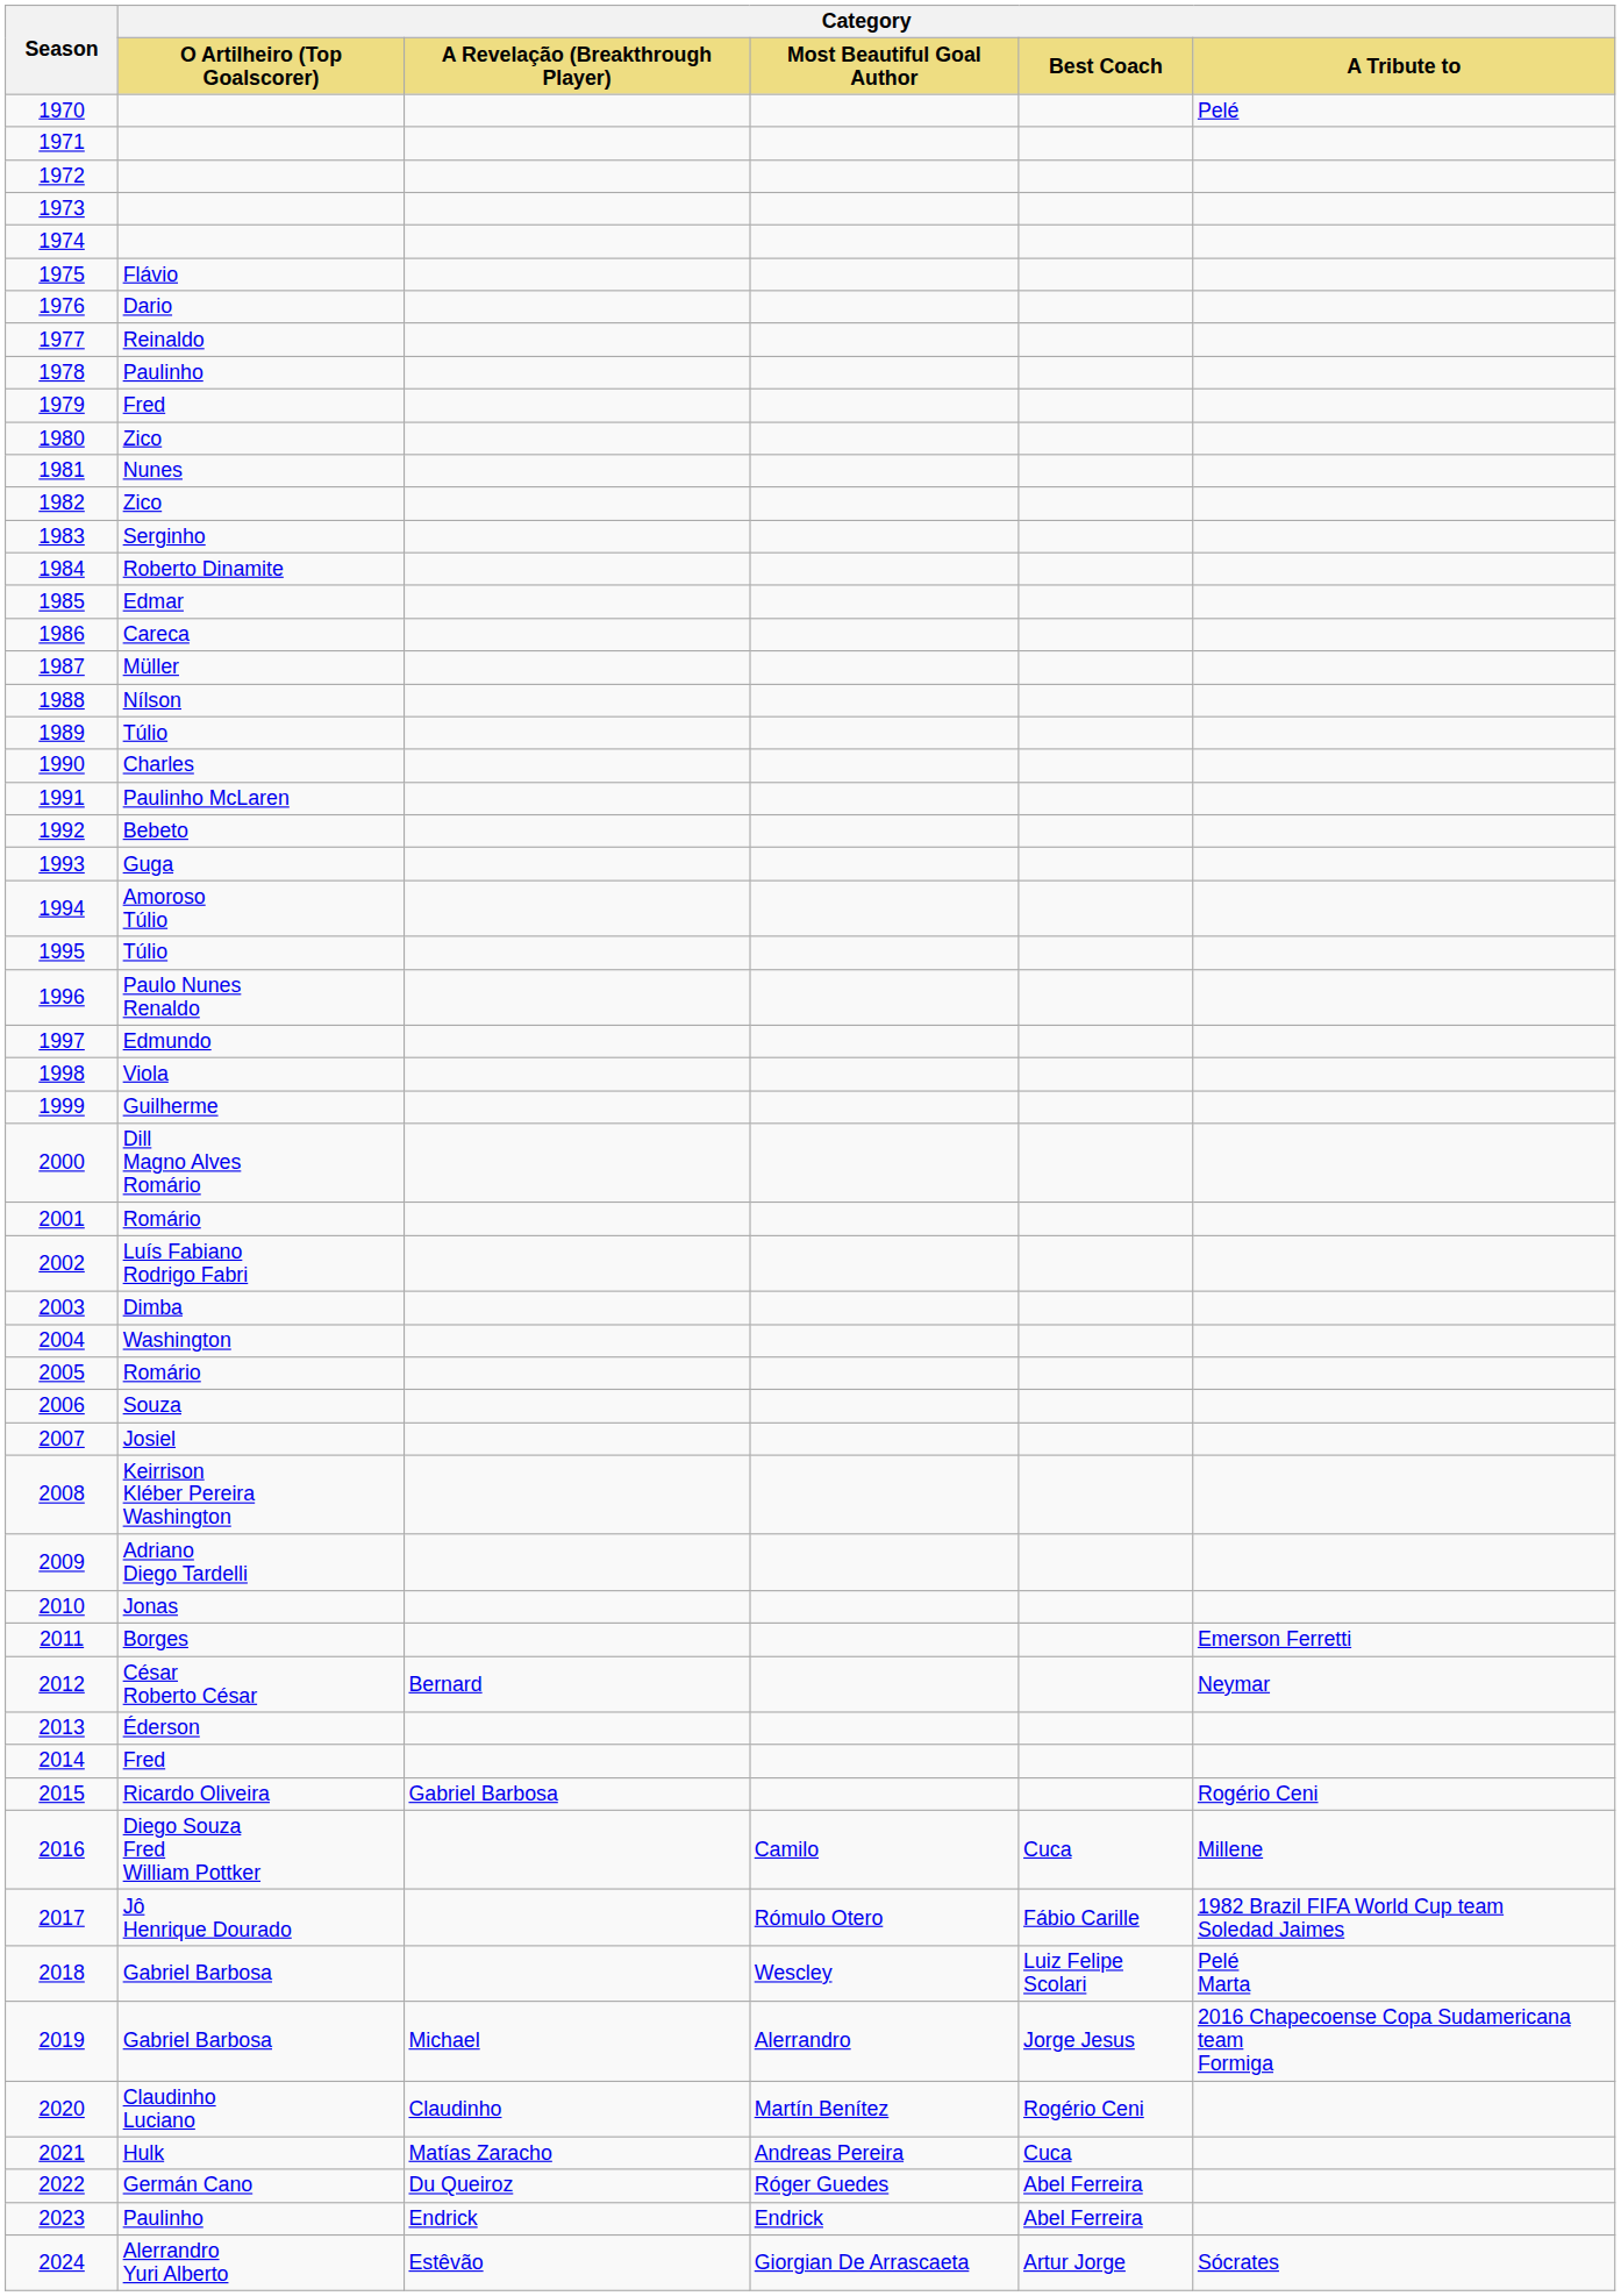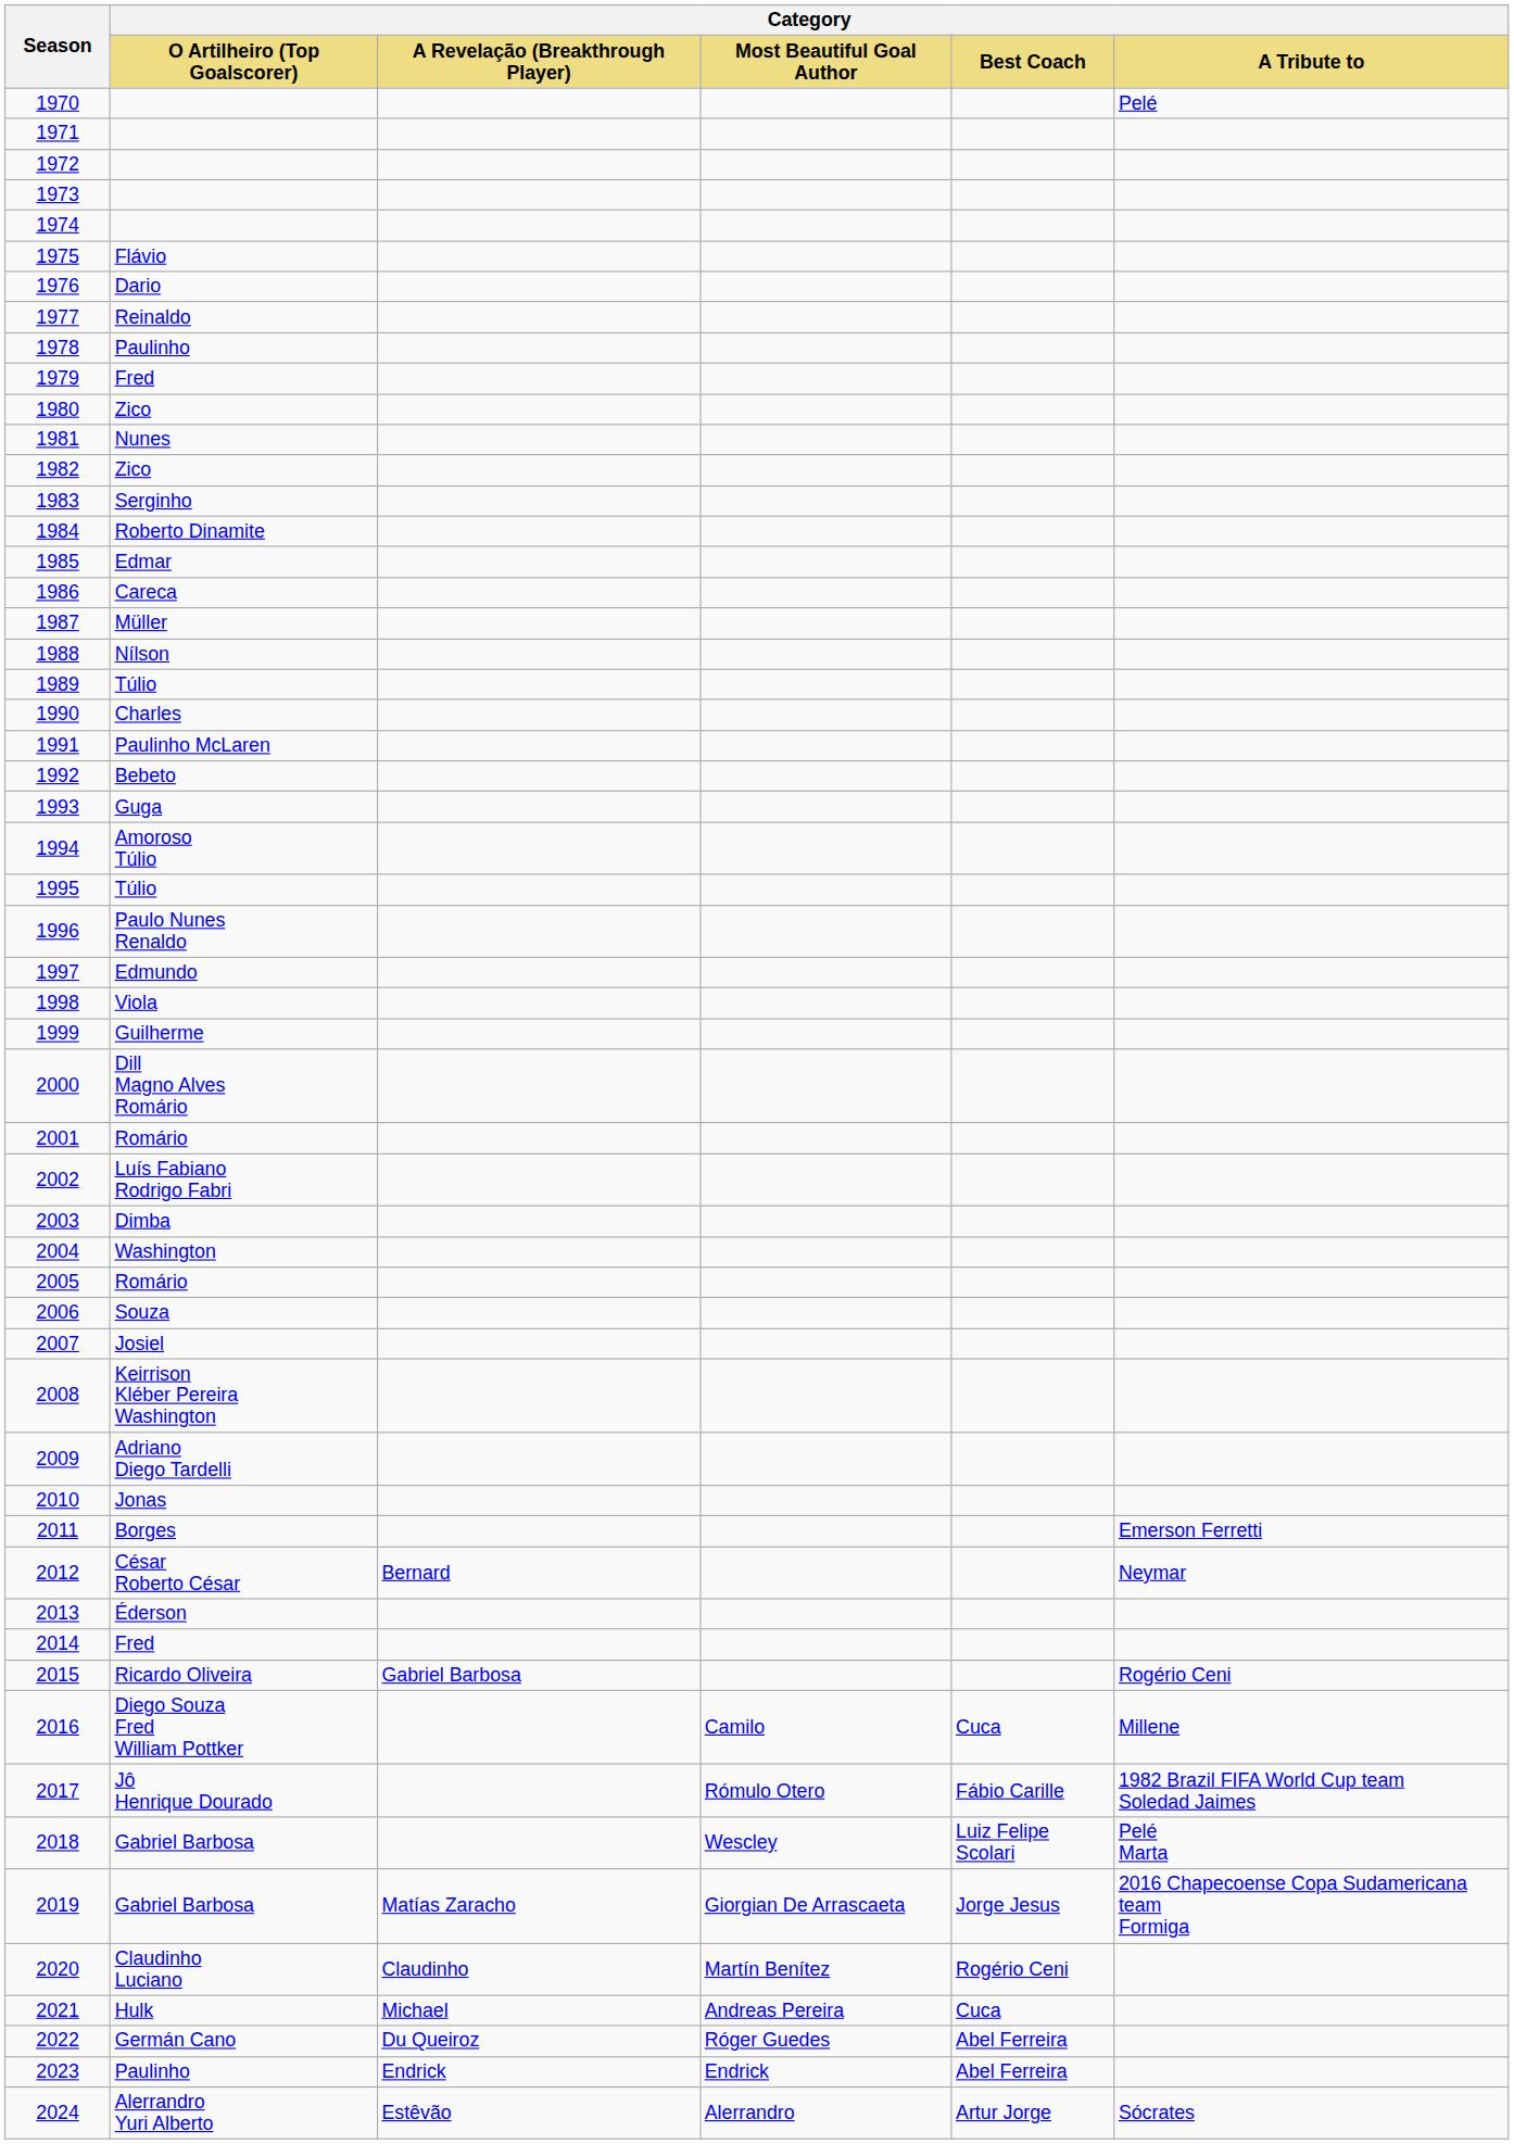 <table class="wikitable">
 <tr>
 <th width="80" rowspan="2">Season</th>
 <th colspan="6">Category</th>
 </tr>
 <tr>
 <th style="background-color: #eedd82">O Artilheiro (Top Goalscorer)</th>
 <th style="background-color: #eedd82">A Revelação (Breakthrough Player)</th>
 <th style="background-color: #eedd82">Most Beautiful Goal Author</th>
 <th style="background-color: #eedd82">Best Coach</th>
 <th style="background-color: #eedd82">A Tribute to</th>
 </tr>
 <tr>
 <td align="center"><a href='#'>1970</a></td>
 <td></td>
 <td></td>
 <td></td>
 <td></td>
 <td> <a href='#'>Pelé</a> </td>
 </tr>
 <tr>
 <td align="center"><a href='#'>1971</a></td>
 <td></td>
 <td></td>
 <td></td>
 <td></td>
 <td></td>
 </tr>
 <tr>
 <td align="center"><a href='#'>1972</a></td>
 <td></td>
 <td></td>
 <td></td>
 <td></td>
 <td></td>
 </tr>
 <tr>
 <td align="center"><a href='#'>1973</a></td>
 <td></td>
 <td></td>
 <td></td>
 <td></td>
 <td></td>
 </tr>
 <tr>
 <td align="center"><a href='#'>1974</a></td>
 <td></td>
 <td></td>
 <td></td>
 <td></td>
 <td></td>
 </tr>
 <tr>
 <td align="center"><a href='#'>1975</a></td>
 <td> <a href='#'>Flávio</a> </td>
 <td></td>
 <td></td>
 <td></td>
 <td></td>
 </tr>
 <tr>
 <td align="center"><a href='#'>1976</a></td>
 <td> <a href='#'>Dario</a> </td>
 <td></td>
 <td></td>
 <td></td>
 <td></td>
 </tr>
 <tr>
 <td align="center"><a href='#'>1977</a></td>
 <td> <a href='#'>Reinaldo</a> </td>
 <td></td>
 <td></td>
 <td></td>
 <td></td>
 </tr>
 <tr>
 <td align="center"><a href='#'>1978</a></td>
 <td> <a href='#'>Paulinho</a> </td>
 <td></td>
 <td></td>
 <td></td>
 <td></td>
 </tr>
 <tr>
 <td align="center"><a href='#'>1979</a></td>
 <td> <a href='#'>Fred</a> </td>
 <td></td>
 <td></td>
 <td></td>
 <td></td>
 </tr>
 <tr>
 <td align="center"><a href='#'>1980</a></td>
 <td> <a href='#'>Zico</a> </td>
 <td></td>
 <td></td>
 <td></td>
 <td></td>
 </tr>
 <tr>
 <td align="center"><a href='#'>1981</a></td>
 <td> <a href='#'>Nunes</a> </td>
 <td></td>
 <td></td>
 <td></td>
 <td></td>
 </tr>
 <tr>
 <td align="center"><a href='#'>1982</a></td>
 <td> <a href='#'>Zico</a> </td>
 <td></td>
 <td></td>
 <td></td>
 <td></td>
 </tr>
 <tr>
 <td align="center"><a href='#'>1983</a></td>
 <td> <a href='#'>Serginho</a> </td>
 <td></td>
 <td></td>
 <td></td>
 <td></td>
 </tr>
 <tr>
 <td align="center"><a href='#'>1984</a></td>
 <td> <a href='#'>Roberto Dinamite</a> </td>
 <td></td>
 <td></td>
 <td></td>
 <td></td>
 </tr>
 <tr>
 <td align="center"><a href='#'>1985</a></td>
 <td> <a href='#'>Edmar</a> </td>
 <td></td>
 <td></td>
 <td></td>
 <td></td>
 </tr>
 <tr>
 <td align="center"><a href='#'>1986</a></td>
 <td> <a href='#'>Careca</a> </td>
 <td></td>
 <td></td>
 <td></td>
 <td></td>
 </tr>
 <tr>
 <td align="center"><a href='#'>1987</a></td>
 <td> <a href='#'>Müller</a> </td>
 <td></td>
 <td></td>
 <td></td>
 <td></td>
 </tr>
 <tr>
 <td align="center"><a href='#'>1988</a></td>
 <td> <a href='#'>Nílson</a> </td>
 <td></td>
 <td></td>
 <td></td>
 <td></td>
 </tr>
 <tr>
 <td align="center"><a href='#'>1989</a></td>
 <td> <a href='#'>Túlio</a> </td>
 <td></td>
 <td></td>
 <td></td>
 <td></td>
 </tr>
 <tr>
 <td align="center"><a href='#'>1990</a></td>
 <td> <a href='#'>Charles</a> </td>
 <td></td>
 <td></td>
 <td></td>
 <td></td>
 </tr>
 <tr>
 <td align="center"><a href='#'>1991</a></td>
 <td> <a href='#'>Paulinho McLaren</a> </td>
 <td></td>
 <td></td>
 <td></td>
 <td></td>
 </tr>
 <tr>
 <td align="center"><a href='#'>1992</a></td>
 <td> <a href='#'>Bebeto</a> </td>
 <td></td>
 <td></td>
 <td></td>
 <td></td>
 </tr>
 <tr>
 <td align="center"><a href='#'>1993</a></td>
 <td> <a href='#'>Guga</a> </td>
 <td></td>
 <td></td>
 <td></td>
 <td></td>
 </tr>
 <tr>
 <td align="center"><a href='#'>1994</a></td>
 <td> <a href='#'>Amoroso</a>  <br>  <a href='#'>Túlio</a> </td>
 <td></td>
 <td></td>
 <td></td>
 <td></td>
 </tr>
 <tr>
 <td align="center"><a href='#'>1995</a></td>
 <td> <a href='#'>Túlio</a> </td>
 <td></td>
 <td></td>
 <td></td>
 <td></td>
 </tr>
 <tr>
 <td align="center"><a href='#'>1996</a></td>
 <td> <a href='#'>Paulo Nunes</a>  <br>  <a href='#'>Renaldo</a> </td>
 <td></td>
 <td></td>
 <td></td>
 <td></td>
 </tr>
 <tr>
 <td align="center"><a href='#'>1997</a></td>
 <td> <a href='#'>Edmundo</a> </td>
 <td></td>
 <td></td>
 <td></td>
 <td></td>
 </tr>
 <tr>
 <td align="center"><a href='#'>1998</a></td>
 <td> <a href='#'>Viola</a> </td>
 <td></td>
 <td></td>
 <td></td>
 <td></td>
 </tr>
 <tr>
 <td align="center"><a href='#'>1999</a></td>
 <td> <a href='#'>Guilherme</a> </td>
 <td></td>
 <td></td>
 <td></td>
 <td></td>
 </tr>
 <tr>
 <td align="center"><a href='#'>2000</a></td>
 <td> <a href='#'>Dill</a>  <br>  <a href='#'>Magno Alves</a>  <br>  <a href='#'>Romário</a> </td>
 <td></td>
 <td></td>
 <td></td>
 <td></td>
 </tr>
 <tr>
 <td align="center"><a href='#'>2001</a></td>
 <td> <a href='#'>Romário</a> </td>
 <td></td>
 <td></td>
 <td></td>
 <td></td>
 </tr>
 <tr>
 <td align="center"><a href='#'>2002</a></td>
 <td> <a href='#'>Luís Fabiano</a>  <br>  <a href='#'>Rodrigo Fabri</a> </td>
 <td></td>
 <td></td>
 <td></td>
 <td></td>
 </tr>
 <tr>
 <td align="center"><a href='#'>2003</a></td>
 <td> <a href='#'>Dimba</a> </td>
 <td></td>
 <td></td>
 <td></td>
 <td></td>
 </tr>
 <tr>
 <td align="center"><a href='#'>2004</a></td>
 <td> <a href='#'>Washington</a> </td>
 <td></td>
 <td></td>
 <td></td>
 <td></td>
 </tr>
 <tr>
 <td align="center"><a href='#'>2005</a></td>
 <td> <a href='#'>Romário</a> </td>
 <td></td>
 <td></td>
 <td></td>
 <td></td>
 </tr>
 <tr>
 <td align="center"><a href='#'>2006</a></td>
 <td> <a href='#'>Souza</a> </td>
 <td></td>
 <td></td>
 <td></td>
 <td></td>
 </tr>
 <tr>
 <td align="center"><a href='#'>2007</a></td>
 <td> <a href='#'>Josiel</a> </td>
 <td></td>
 <td></td>
 <td></td>
 <td></td>
 </tr>
 <tr>
 <td align="center"><a href='#'>2008</a></td>
 <td> <a href='#'>Keirrison</a>  <br>  <a href='#'>Kléber Pereira</a>  <br>  <a href='#'>Washington</a> </td>
 <td></td>
 <td></td>
 <td></td>
 <td></td>
 </tr>
 <tr>
 <td align="center"><a href='#'>2009</a></td>
 <td> <a href='#'>Adriano</a>  <br>  <a href='#'>Diego Tardelli</a> </td>
 <td></td>
 <td></td>
 <td></td>
 <td></td>
 </tr>
 <tr>
 <td align="center"><a href='#'>2010</a></td>
 <td> <a href='#'>Jonas</a> </td>
 <td></td>
 <td></td>
 <td></td>
 <td></td>
 </tr>
 <tr>
 <td align="center"><a href='#'>2011</a></td>
 <td> <a href='#'>Borges</a> </td>
 <td></td>
 <td></td>
 <td></td>
 <td> <a href='#'>Emerson Ferretti</a> </td>
 </tr>
 <tr>
 <td align="center"><a href='#'>2012</a></td>
 <td> <a href='#'>César</a>  <br>  <a href='#'>Roberto César</a> </td>
 <td> <a href='#'>Bernard</a> </td>
 <td></td>
 <td></td>
 <td> <a href='#'>Neymar</a> </td>
 </tr>
 <tr>
 <td align="center"><a href='#'>2013</a></td>
 <td> <a href='#'>Éderson</a> </td>
 <td></td>
 <td></td>
 <td></td>
 <td></td>
 </tr>
 <tr>
 <td align="center"><a href='#'>2014</a></td>
 <td> <a href='#'>Fred</a> </td>
 <td></td>
 <td></td>
 <td></td>
 <td></td>
 </tr>
 <tr>
 <td align="center"><a href='#'>2015</a></td>
 <td> <a href='#'>Ricardo Oliveira</a> </td>
 <td> <a href='#'>Gabriel Barbosa</a> </td>
 <td></td>
 <td></td>
 <td> <a href='#'>Rogério Ceni</a>  </td>
 </tr>
 <tr>
 <td align="center"><a href='#'>2016</a></td>
 <td> <a href='#'>Diego Souza</a> <br> <a href='#'>Fred</a> <br> <a href='#'>William Pottker</a> </td>
 <td></td>
 <td> <a href='#'>Camilo</a> </td>
 <td> <a href='#'>Cuca</a> </td>
 <td> <a href='#'>Millene</a> </td>
 </tr>
 <tr>
 <td align="center"><a href='#'>2017</a></td>
 <td> <a href='#'>Jô</a> <br> <a href='#'>Henrique Dourado</a> </td>
 <td></td>
 <td> <a href='#'>Rómulo Otero</a> </td>
 <td> <a href='#'>Fábio Carille</a> </td>
 <td><a href='#'>1982 Brazil FIFA World Cup team</a><br> <a href='#'>Soledad Jaimes</a> </td>
 </tr>
 <tr>
 <td align="center"><a href='#'>2018</a></td>
 <td> <a href='#'>Gabriel Barbosa</a> </td>
 <td></td>
 <td> <a href='#'>Wescley</a> </td>
 <td> <a href='#'>Luiz Felipe Scolari</a> </td>
 <td> <a href='#'>Pelé</a><br> <a href='#'>Marta</a> </td>
 </tr>
 <tr>
 <td align="center"><a href='#'>2019</a></td>
 <td> <a href='#'>Gabriel Barbosa</a> </td>
-<td> <a href='#'>Michael</a> </td>
-<td> <a href='#'>Alerrandro</a> </td>
+<td> <a href='#'>Matías Zaracho</a> </td>
+<td> <a href='#'>Giorgian De Arrascaeta</a> </td>
 <td> <a href='#'>Jorge Jesus</a> </td>
 <td><a href='#'>2016 Chapecoense Copa Sudamericana team</a><br> <a href='#'>Formiga</a> </td>
 </tr>
 <tr>
 <td align="center"><a href='#'>2020</a></td>
 <td> <a href='#'>Claudinho</a>  <br>  <a href='#'>Luciano</a> </td>
 <td> <a href='#'>Claudinho</a> </td>
 <td> <a href='#'>Martín Benítez</a> </td>
 <td> <a href='#'>Rogério Ceni</a> </td>
 <td></td>
 </tr>
 <tr>
 <td align="center"><a href='#'>2021</a></td>
 <td> <a href='#'>Hulk</a> </td>
-<td> <a href='#'>Matías Zaracho</a> </td>
+<td> <a href='#'>Michael</a> </td>
 <td> <a href='#'>Andreas Pereira</a> </td>
 <td> <a href='#'>Cuca</a> </td>
 <td></td>
 </tr>
 <tr>
 <td align="center"><a href='#'>2022</a></td>
 <td> <a href='#'>Germán Cano</a> </td>
 <td> <a href='#'>Du Queiroz</a> </td>
 <td> <a href='#'>Róger Guedes</a> </td>
 <td> <a href='#'>Abel Ferreira</a> </td>
 <td></td>
 </tr>
 <tr>
 <td align="center"><a href='#'>2023</a></td>
 <td> <a href='#'>Paulinho</a> </td>
 <td> <a href='#'>Endrick</a> </td>
 <td> <a href='#'>Endrick</a> </td>
 <td> <a href='#'>Abel Ferreira</a> </td>
 <td></td>
 </tr>
 <tr>
 <td align="center"><a href='#'>2024</a></td>
 <td> <a href='#'>Alerrandro</a>  <br>  <a href='#'>Yuri Alberto</a> </td>
 <td> <a href='#'>Estêvão</a> </td>
-<td> <a href='#'>Giorgian De Arrascaeta</a> </td>
+<td> <a href='#'>Alerrandro</a> </td>
 <td> <a href='#'>Artur Jorge</a> </td>
 <td> <a href='#'>Sócrates</a></td>
 </tr>
 </table>
